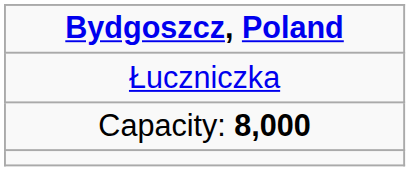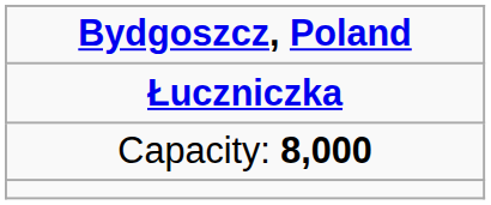 <table class=wikitable style=text-align:center width=210>
 <tr>
 <td><strong> <a href='#'>Bydgoszcz</a>, <a href='#'>Poland</a></strong></td>
 </tr>
 <tr>
-<td><a href='#'>Łuczniczka</a></td>
+<td><strong><a href='#'>Łuczniczka</a></strong></td>
 </tr>
 <tr>
 <td>Capacity: <strong>8,000</strong></td>
 </tr>
 <tr>
 <td></td>
 </tr>
 </table>
